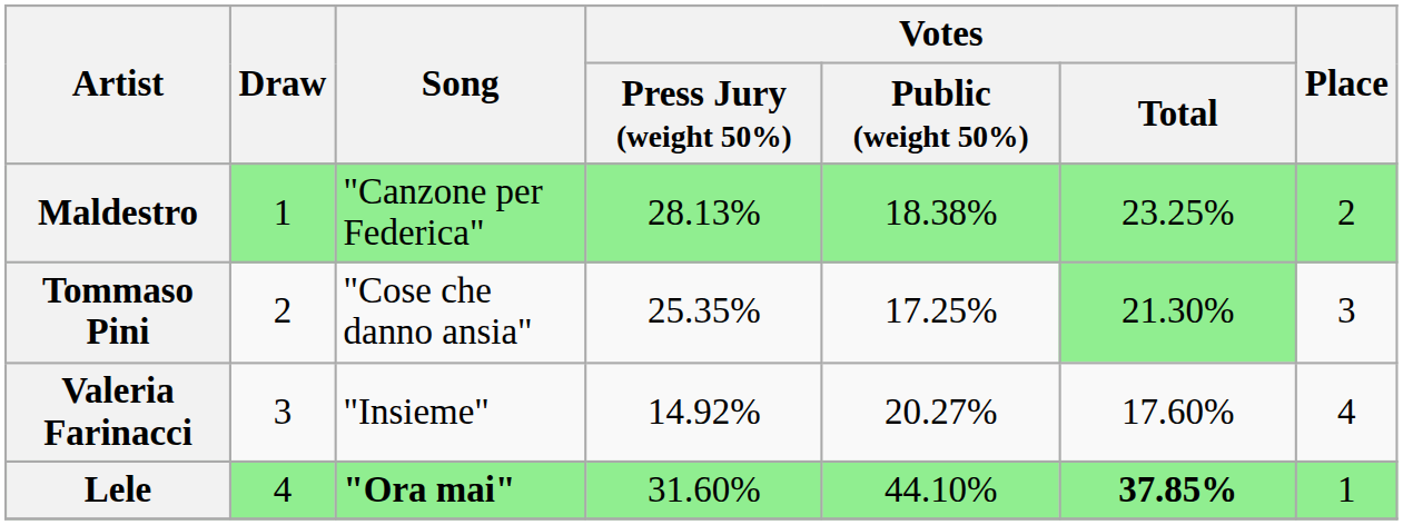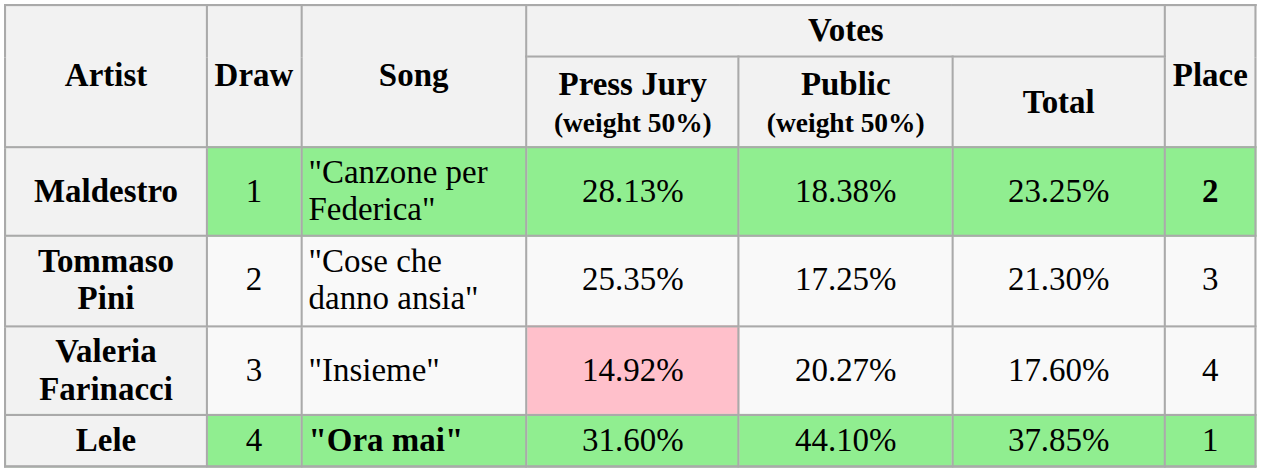 <table class="wikitable sortable plainrowheaders" style="text-align:center;">
 <tr>
 </tr>
 <tr>
 <th rowspan="2">Artist</th>
 <th rowspan="2">Draw</th>
 <th rowspan="2">Song</th>
 <th colspan="3" class="unsortable">Votes</th>
 <th rowspan="2">Place</th>
 </tr>
 <tr>
 <th style="width:6em;">Press Jury<br><small>(weight 50%)</small></th>
 <th style="width:6em;">Public<br><small>(weight 50%)</small></th>
 <th style="width:6em;">Total</th>
 </tr>
 <tr style="background:#90EE90">
 <th scope="row">Maldestro</th>
 <td>1</td>
 <td style="text-align:left;">"Canzone per Federica"</td>
 <td>28.13%</td>
 <td>18.38%</td>
 <td>23.25%</td>
-<td>2</td>
+<td><strong>2</strong></td>
 </tr>
 <tr>
 <th scope="row">Tommaso Pini</th>
 <td>2</td>
 <td style="text-align:left;">"Cose che danno ansia"</td>
 <td>25.35%</td>
 <td>17.25%</td>
-<td style="background: lightgreen;">21.30%</td>
+<td>21.30%</td>
 <td>3</td>
 </tr>
 <tr>
 <th scope="row">Valeria Farinacci</th>
 <td>3</td>
 <td style="text-align:left;">"Insieme"</td>
-<td>14.92%</td>
+<td style="background: pink;">14.92%</td>
 <td>20.27%</td>
 <td>17.60%</td>
 <td>4</td>
 </tr>
 <tr style="background:#90EE90">
 <th scope="row">Lele</th>
 <td>4</td>
 <td style="text-align:left;"><strong>"Ora mai"</strong></td>
 <td>31.60%</td>
 <td>44.10%</td>
-<td><strong>37.85%</strong></td>
+<td>37.85%</td>
 <td>1</td>
 </tr>
 <tr>
 </tr>
 </table>
